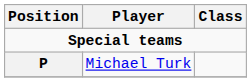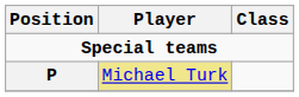 <table class="wikitable">
 <tr>
 <th>Position</th>
 <th>Player</th>
 <th>Class</th>
 </tr>
 <tr>
 <td colspan="4" style="text-align:center; "><strong>Special teams</strong></td>
 </tr>
 <tr style="text-align:center;">
 <th rowspan="1">P</th>
-<td><a href='#'>Michael Turk</a></td>
+<td style="background: khaki;"><a href='#'>Michael Turk</a></td>
 <td></td>
 </tr>
 <tr>
 </tr>
 </table>
